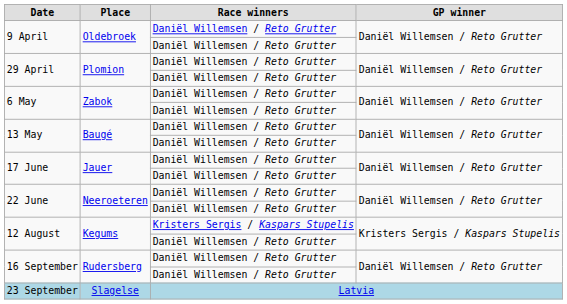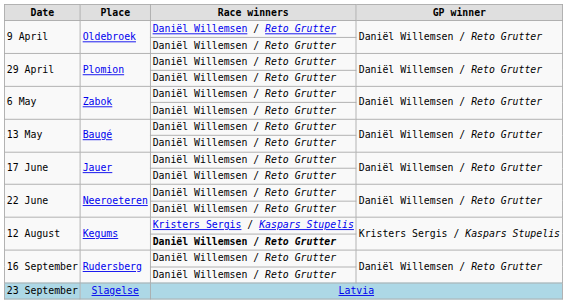 <table class="wikitable" style="font-size: 85%;">
 <tr align="center" style="background:#dfdfdf;">
 <td><strong>Date</strong></td>
 <td><strong>Place</strong></td>
 <td><strong>Race winners</strong></td>
 <td><strong>GP winner</strong></td>
 </tr>
 <tr>
 <td rowspan=2>9 April</td>
 <td rowspan=2> <a href='#'>Oldebroek</a></td>
 <td> <a href='#'>Daniël Willemsen</a> /  <em><a href='#'>Reto Grutter</a></em></td>
 <td rowspan=2> Daniël Willemsen /  <em>Reto Grutter</em></td>
 </tr>
 <tr>
 <td> Daniël Willemsen /  <em>Reto Grutter</em></td>
 </tr>
 <tr>
 <td rowspan=2>29 April</td>
 <td rowspan=2> <a href='#'>Plomion</a></td>
 <td> Daniël Willemsen /  <em>Reto Grutter</em></td>
 <td rowspan=2> Daniël Willemsen /  <em>Reto Grutter</em></td>
 </tr>
 <tr>
 <td> Daniël Willemsen /  <em>Reto Grutter</em></td>
 </tr>
 <tr>
 <td rowspan=2>6 May</td>
 <td rowspan=2> <a href='#'>Zabok</a></td>
 <td> Daniël Willemsen /  <em>Reto Grutter</em></td>
 <td rowspan=2> Daniël Willemsen /  <em>Reto Grutter</em></td>
 </tr>
 <tr>
 <td> Daniël Willemsen /  <em>Reto Grutter</em></td>
 </tr>
 <tr>
 <td rowspan=2>13 May</td>
 <td rowspan=2> <a href='#'>Baugé</a></td>
 <td> Daniël Willemsen /  <em>Reto Grutter</em></td>
 <td rowspan=2> Daniël Willemsen /  <em>Reto Grutter</em></td>
 </tr>
 <tr>
 <td> Daniël Willemsen /  <em>Reto Grutter</em></td>
 </tr>
 <tr>
 <td rowspan=2>17 June</td>
 <td rowspan=2> <a href='#'>Jauer</a></td>
 <td> Daniël Willemsen /  <em>Reto Grutter</em></td>
 <td rowspan=2> Daniël Willemsen /  <em>Reto Grutter</em></td>
 </tr>
 <tr>
 <td> Daniël Willemsen /  <em>Reto Grutter</em></td>
 </tr>
 <tr>
 <td rowspan=2>22 June</td>
 <td rowspan=2> <a href='#'>Neeroeteren</a></td>
 <td> Daniël Willemsen /  <em>Reto Grutter</em></td>
 <td rowspan=2> Daniël Willemsen /  <em>Reto Grutter</em></td>
 </tr>
 <tr>
 <td> Daniël Willemsen /  <em>Reto Grutter</em></td>
 </tr>
 <tr>
 <td rowspan=2>12 August</td>
 <td rowspan=2> <a href='#'>Kegums</a></td>
 <td> <a href='#'>Kristers Sergis</a> / <em><a href='#'>Kaspars Stupelis</a></em></td>
 <td rowspan=2> Kristers Sergis / <em>Kaspars Stupelis</em></td>
 </tr>
 <tr>
-<td> Daniël Willemsen /  <em>Reto Grutter</em></td>
+<td><strong> Daniël Willemsen /  <em>Reto Grutter</em></strong></td>
 </tr>
 <tr>
 <td rowspan=2>16 September</td>
 <td rowspan=2> <a href='#'>Rudersberg</a></td>
 <td> Daniël Willemsen /  <em>Reto Grutter</em></td>
 <td rowspan=2> Daniël Willemsen /  <em>Reto Grutter</em></td>
 </tr>
 <tr>
 <td> Daniël Willemsen /  <em>Reto Grutter</em></td>
 </tr>
 <tr align="center" style="background:lightblue;">
 <td rowspan=2>23 September</td>
 <td rowspan=2> <a href='#'>Slagelse</a></td>
 <td colspan=2 align="center"> <a href='#'>Latvia</a></td>
 </tr>
 </table>
